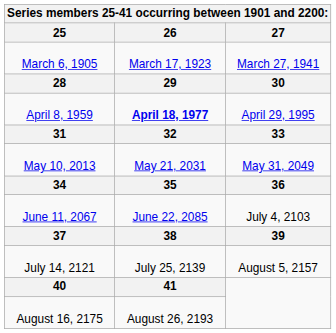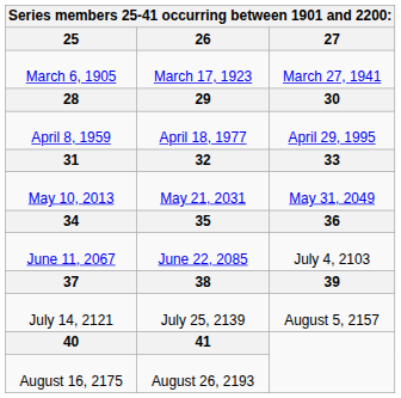 <table class="wikitable collapsible collapsed">
 <tr>
 <th colspan=3>Series members 25-41 occurring between 1901 and 2200:</th>
 </tr>
 <tr>
 <th>25</th>
 <th>26</th>
 <th>27</th>
 </tr>
 <tr style="text-align:center;">
 <td><br><a href='#'>March 6, 1905</a></td>
 <td><br><a href='#'>March 17, 1923</a></td>
 <td><br><a href='#'>March 27, 1941</a></td>
 </tr>
 <tr>
 <th>28</th>
 <th>29</th>
 <th>30</th>
 </tr>
 <tr style="text-align:center;">
 <td><br><a href='#'>April 8, 1959</a></td>
-<td><strong><br><a href='#'>April 18, 1977</a></strong></td>
+<td><br><a href='#'>April 18, 1977</a></td>
 <td><br><a href='#'>April 29, 1995</a></td>
 </tr>
 <tr>
 <th>31</th>
 <th>32</th>
 <th>33</th>
 </tr>
 <tr style="text-align:center;">
 <td><br><a href='#'>May 10, 2013</a></td>
 <td><br><a href='#'>May 21, 2031</a></td>
 <td><br><a href='#'>May 31, 2049</a></td>
 </tr>
 <tr>
 <th>34</th>
 <th>35</th>
 <th>36</th>
 </tr>
 <tr style="text-align:center;">
 <td><br><a href='#'>June 11, 2067</a></td>
 <td><br><a href='#'>June 22, 2085</a></td>
 <td><br>July 4, 2103</td>
 </tr>
 <tr>
 <th>37</th>
 <th>38</th>
 <th>39</th>
 </tr>
 <tr style="text-align:center;">
 <td><br>July 14, 2121</td>
 <td><br>July 25, 2139</td>
 <td><br>August 5, 2157</td>
 </tr>
 <tr>
 <th>40</th>
 <th>41</th>
 </tr>
 <tr style="text-align:center;">
 <td><br>August 16, 2175</td>
 <td><br>August 26, 2193</td>
 </tr>
 </table>
